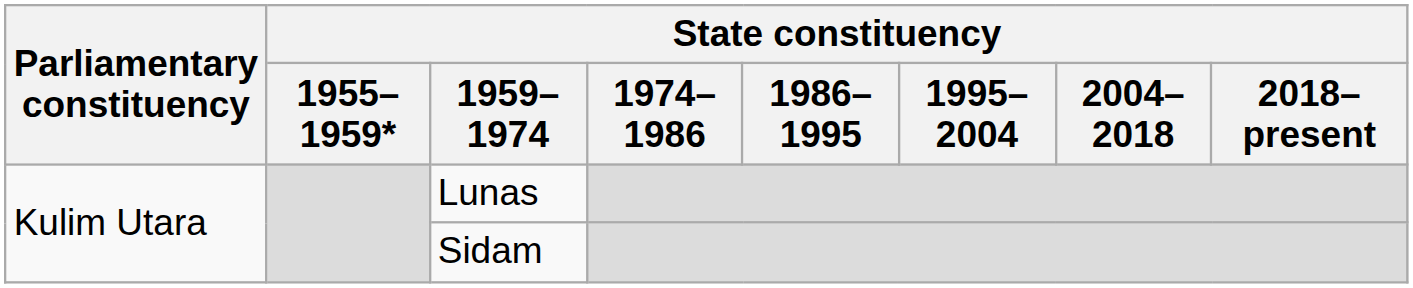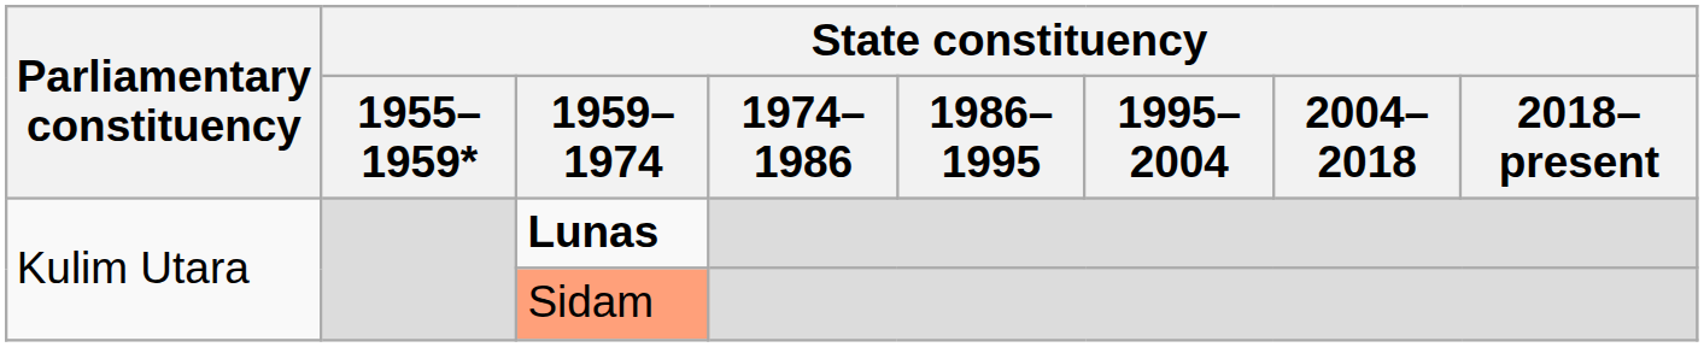 <table class="wikitable">
 <tr>
 <th rowspan="2">Parliamentary<br>constituency</th>
 <th colspan="7">State constituency</th>
 </tr>
 <tr>
 <th>1955–1959*</th>
 <th>1959–1974</th>
 <th>1974–1986</th>
 <th>1986–1995</th>
 <th>1995–2004</th>
 <th>2004–2018</th>
 <th>2018–present</th>
 </tr>
 <tr>
 <td rowspan="2">Kulim Utara</td>
 <td rowspan="2" bgcolor="dcdcdc"></td>
-<td>Lunas</td>
+<td><strong>Lunas</strong></td>
 <td colspan="5" bgcolor="dcdcdc"></td>
 </tr>
 <tr>
-<td>Sidam</td>
+<td style="background: lightsalmon;">Sidam</td>
 <td colspan="5" bgcolor="dcdcdc"></td>
 </tr>
 </table>
